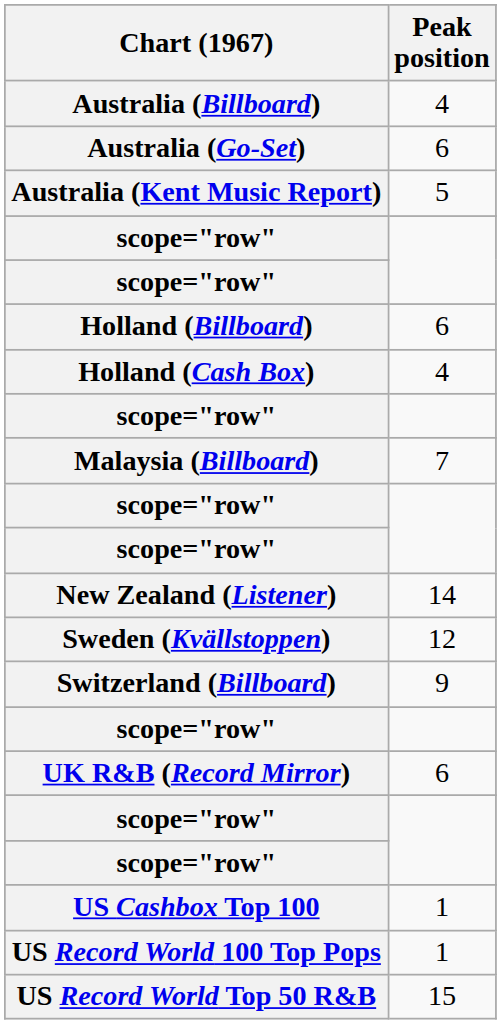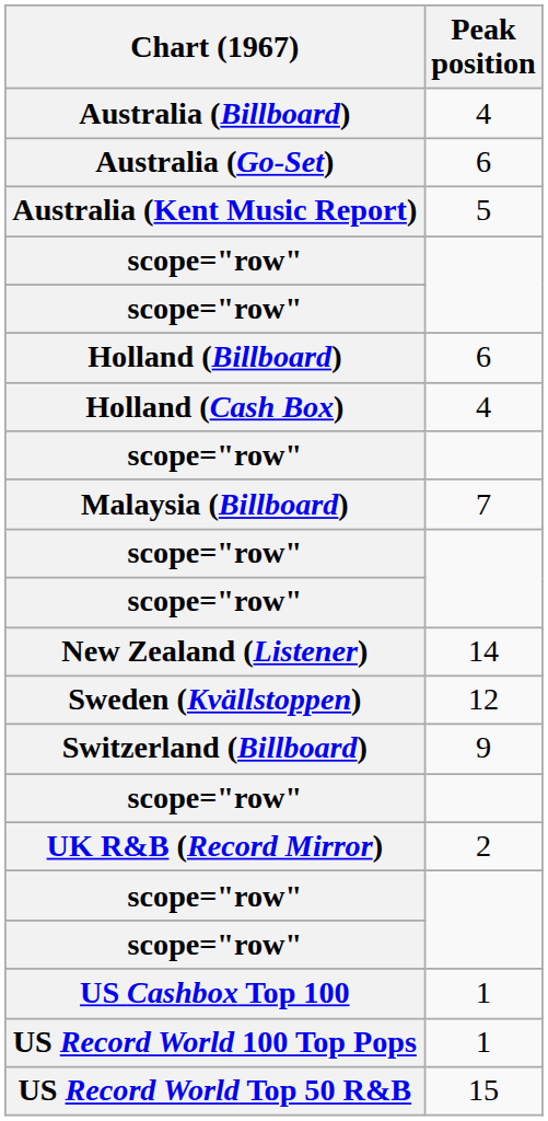 <table class="wikitable sortable plainrowheaders">
 <tr>
 <th scope="col">Chart (1967)</th>
 <th scope="col">Peak<br>position</th>
 </tr>
 <tr>
 <th scope="row">Australia (<em><a href='#'>Billboard</a></em>)</th>
 <td style="text-align:center;">4</td>
 </tr>
 <tr>
 <th scope="row">Australia (<em><a href='#'>Go-Set</a></em>)</th>
 <td align="center">6</td>
 </tr>
 <tr>
 <th scope="row">Australia (<a href='#'>Kent Music Report</a>)</th>
 <td align="center">5</td>
 </tr>
 <tr>
 <th>scope="row" </th>
 </tr>
 <tr>
 <th>scope="row" </th>
 </tr>
 <tr>
 <th scope="row">Holland (<em><a href='#'>Billboard</a></em>)</th>
 <td style="text-align:center;">6</td>
 </tr>
 <tr>
 <th scope="row">Holland (<em><a href='#'>Cash Box</a></em>)</th>
 <td style="text-align:center;">4</td>
 </tr>
 <tr>
 <th>scope="row" </th>
 </tr>
 <tr>
 <th scope="row">Malaysia (<em><a href='#'>Billboard</a></em>)</th>
 <td style="text-align:center;">7</td>
 </tr>
 <tr>
 <th>scope="row" </th>
 </tr>
 <tr>
 <th>scope="row" </th>
 </tr>
 <tr>
 <th scope="row">New Zealand (<em><a href='#'>Listener</a></em>)</th>
 <td style="text-align:center;">14</td>
 </tr>
 <tr>
 <th scope="row">Sweden (<em><a href='#'>Kvällstoppen</a></em>)</th>
 <td align="center">12</td>
 </tr>
 <tr>
 <th scope="row">Switzerland (<em><a href='#'>Billboard</a></em>)</th>
 <td style="text-align:center;">9</td>
 </tr>
 <tr>
 <th>scope="row" </th>
 </tr>
 <tr>
 <th scope="row"><a href='#'>UK R&B</a> (<em><a href='#'>Record Mirror</a></em>)</th>
-<td align="center">6</td>
+<td align="center">2</td>
 </tr>
 <tr>
 <th>scope="row" </th>
 </tr>
 <tr>
 <th>scope="row" </th>
 </tr>
 <tr>
 <th scope="row"><a href='#'>US <em>Cashbox</em> Top 100</a></th>
 <td style="text-align:center;">1</td>
 </tr>
 <tr>
 <th scope="row">US <a href='#'><em>Record World</em> 100 Top Pops</a></th>
 <td style="text-align:center;">1</td>
 </tr>
 <tr>
 <th scope="row">US <a href='#'><em>Record World</em> Top 50 R&B</a></th>
 <td style="text-align:center;">15</td>
 </tr>
 </table>
